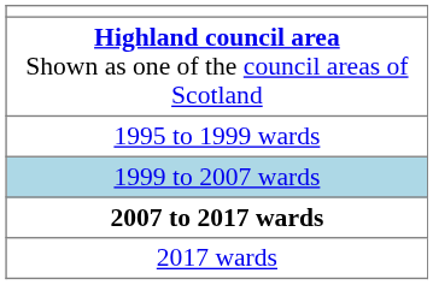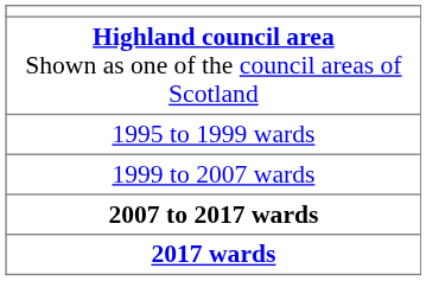 <table class="toccolours" style="border-collapse: collapse; float: right; margin: 0 0 1em 1em;" border="1" cellpadding="3" cellspacing="0" width="260">
 <tr>
 <td align="center"></td>
 </tr>
 <tr>
 <td align="center"><strong><a href='#'>Highland council area</a></strong> <br> Shown as one of the <a href='#'>council areas of Scotland</a></td>
 </tr>
 <tr>
 <td align="center"><a href='#'>1995 to 1999 wards</a></td>
 </tr>
 <tr>
-<td align="center" style="background: lightblue;"><a href='#'>1999 to 2007 wards</a></td>
+<td align="center"><a href='#'>1999 to 2007 wards</a></td>
 </tr>
 <tr>
 <td align="center"><strong>2007 to 2017 wards</strong></td>
 </tr>
 <tr>
-<td align="center"><a href='#'>2017 wards</a></td>
+<td align="center"><strong><a href='#'>2017 wards</a></strong></td>
 </tr>
 </table>
